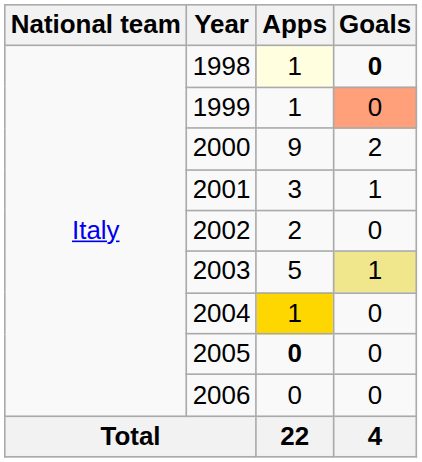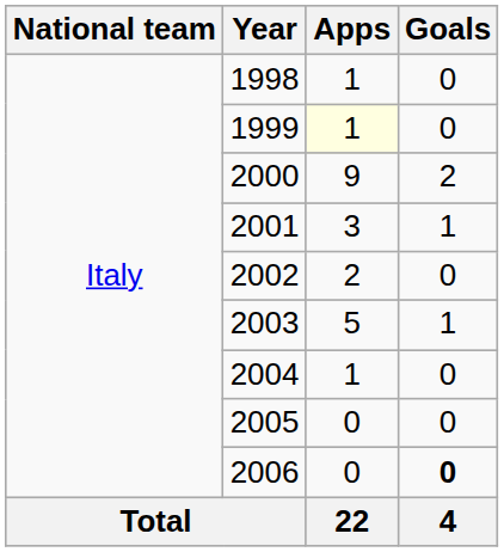 <table class="wikitable" style="text-align:center">
 <tr>
 <th>National team</th>
 <th>Year</th>
 <th>Apps</th>
 <th>Goals</th>
 </tr>
 <tr>
 <td rowspan="9"><a href='#'>Italy</a></td>
 <td>1998</td>
-<td style="background: lightyellow;">1</td>
-<td><strong>0</strong></td>
+<td>1</td>
+<td>0</td>
 </tr>
 <tr>
 <td>1999</td>
-<td>1</td>
-<td style="background: lightsalmon;">0</td>
+<td style="background: lightyellow;">1</td>
+<td>0</td>
 </tr>
 <tr>
 <td>2000</td>
 <td>9</td>
 <td>2</td>
 </tr>
 <tr>
 <td>2001</td>
 <td>3</td>
 <td>1</td>
 </tr>
 <tr>
 <td>2002</td>
 <td>2</td>
 <td>0</td>
 </tr>
 <tr>
 <td>2003</td>
 <td>5</td>
-<td style="background: khaki;">1</td>
+<td>1</td>
 </tr>
 <tr>
 <td>2004</td>
-<td style="background: gold;">1</td>
+<td>1</td>
 <td>0</td>
 </tr>
 <tr>
 <td>2005</td>
-<td><strong>0</strong></td>
+<td>0</td>
 <td>0</td>
 </tr>
 <tr>
 <td>2006</td>
 <td>0</td>
-<td>0</td>
+<td><strong>0</strong></td>
 </tr>
 <tr>
 <th colspan="2">Total</th>
 <th>22</th>
 <th>4</th>
 </tr>
 </table>
